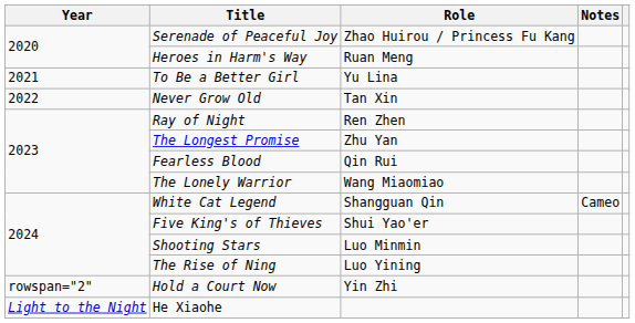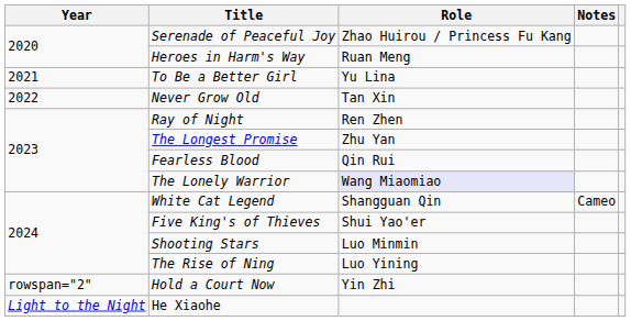 <table class="wikitable sortable plainrowheaders">
 <tr>
 <th scope="col">Year</th>
 <th scope="col">Title</th>
 <th scope="col">Role</th>
 <th scope="col">Notes</th>
 <th scope="col" class="unsortable"></th>
 </tr>
 <tr>
 <td rowspan="2">2020</td>
 <td><em>Serenade of Peaceful Joy</em></td>
 <td>Zhao Huirou / Princess Fu Kang</td>
 <td></td>
 <td></td>
 </tr>
 <tr>
 <td><em>Heroes in Harm's Way</em></td>
 <td>Ruan Meng</td>
 <td></td>
 <td></td>
 </tr>
 <tr>
 <td>2021</td>
 <td><em>To Be a Better Girl</em></td>
 <td>Yu Lina</td>
 <td></td>
 <td></td>
 </tr>
 <tr>
 <td>2022</td>
 <td><em>Never Grow Old</em></td>
 <td>Tan Xin</td>
 <td></td>
 <td></td>
 </tr>
 <tr>
 <td rowspan="4">2023</td>
 <td><em>Ray of Night</em></td>
 <td>Ren Zhen</td>
 <td></td>
 <td></td>
 </tr>
 <tr>
 <td><em><a href='#'>The Longest Promise</a></em></td>
 <td>Zhu Yan</td>
 <td></td>
 <td></td>
 </tr>
 <tr>
 <td><em>Fearless Blood</em></td>
 <td>Qin Rui</td>
 <td></td>
 <td></td>
 </tr>
 <tr>
 <td><em>The Lonely Warrior</em></td>
-<td>Wang Miaomiao</td>
+<td style="background: lavender;">Wang Miaomiao</td>
 <td></td>
 <td></td>
 </tr>
 <tr>
 <td rowspan="4">2024</td>
 <td><em>White Cat Legend</em></td>
 <td>Shangguan Qin</td>
 <td>Cameo</td>
 <td></td>
 </tr>
 <tr>
 <td><em>Five King's of Thieves</em></td>
 <td>Shui Yao'er</td>
 <td></td>
 <td></td>
 </tr>
 <tr>
 <td><em>Shooting Stars</em></td>
 <td>Luo Minmin</td>
 <td></td>
 <td></td>
 </tr>
 <tr>
 <td><em>The Rise of Ning</em></td>
 <td>Luo Yining</td>
 <td></td>
 <td></td>
 </tr>
 <tr>
 <td>rowspan="2" </td>
 <td><em>Hold a Court Now</em></td>
 <td>Yin Zhi</td>
 <td></td>
 <td></td>
 </tr>
 <tr>
 <td><em><a href='#'>Light to the Night</a></em></td>
 <td>He Xiaohe</td>
 <td></td>
 <td></td>
 </tr>
 </table>
